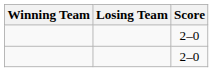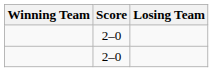 <table class=wikitable style="border:1px solid #AAAAAA;">
 <tr>
 <th>Winning Team</th>
+<th>Score</th>
 <th>Losing Team</th>
-<th>Score</th>
 </tr>
 <tr>
 <td><strong></strong></td>
+<td align="center">2–0</td>
 <td></td>
-<td align="center">2–0</td>
 </tr>
 <tr>
 <td><strong></strong></td>
+<td align="center">2–0</td>
 <td></td>
-<td align="center">2–0</td>
 </tr>
 </table>
